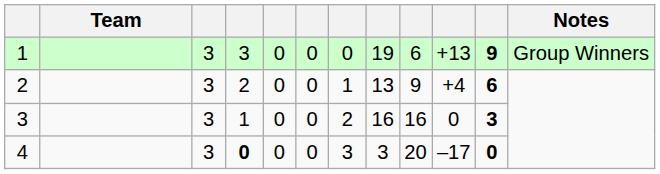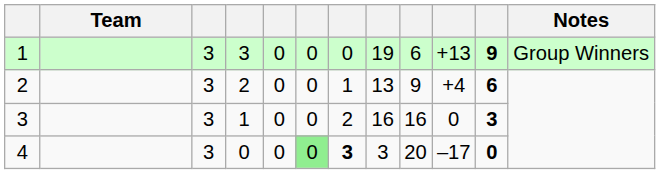 <table class="wikitable" style="text-align: center; font-size: 97%;">
 <tr>
 <th width="20"></th>
 <th width="110">Team</th>
 <th width="18"></th>
 <th width="22"></th>
 <th width="18"></th>
 <th width="18"></th>
 <th width="22"></th>
 <th width="18"></th>
 <th width="18"></th>
 <th width="25"></th>
 <th width="18"></th>
 <th width="105">Notes</th>
 </tr>
 <tr style="background-color: #ccffcc;">
 <td>1</td>
 <td align=left></td>
 <td>3</td>
 <td>3</td>
 <td>0</td>
 <td>0</td>
 <td>0</td>
 <td>19</td>
 <td>6</td>
 <td>+13</td>
 <td><strong>9</strong></td>
 <td>Group Winners</td>
 </tr>
 <tr>
 <td>2</td>
 <td align=left></td>
 <td>3</td>
 <td>2</td>
 <td>0</td>
 <td>0</td>
 <td>1</td>
 <td>13</td>
 <td>9</td>
 <td>+4</td>
 <td><strong>6</strong></td>
 <td rowspan="3"></td>
 </tr>
 <tr>
 <td>3</td>
 <td align=left></td>
 <td>3</td>
 <td>1</td>
 <td>0</td>
 <td>0</td>
 <td>2</td>
 <td>16</td>
 <td>16</td>
 <td>0</td>
 <td><strong>3</strong></td>
 </tr>
 <tr>
 <td>4</td>
 <td align=left></td>
 <td>3</td>
-<td><strong>0</strong></td>
 <td>0</td>
 <td>0</td>
-<td>3</td>
+<td style="background: lightgreen;">0</td>
+<td><strong>3</strong></td>
 <td>3</td>
 <td>20</td>
 <td>–17</td>
 <td><strong>0</strong></td>
 </tr>
 </table>
